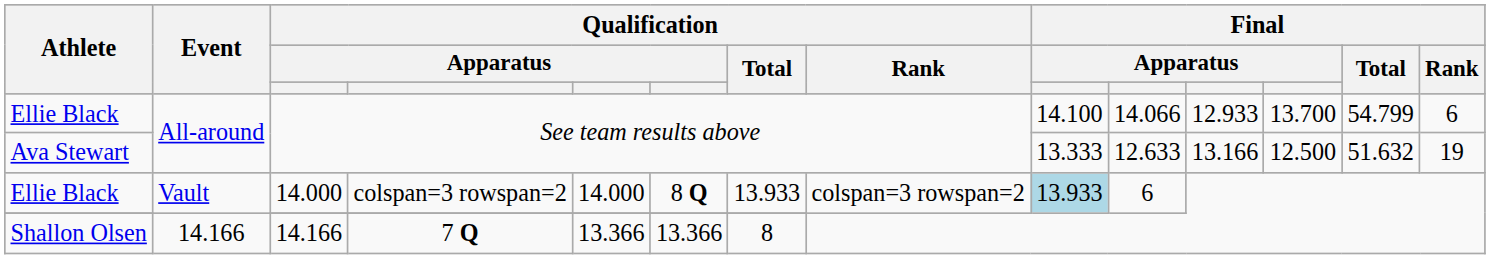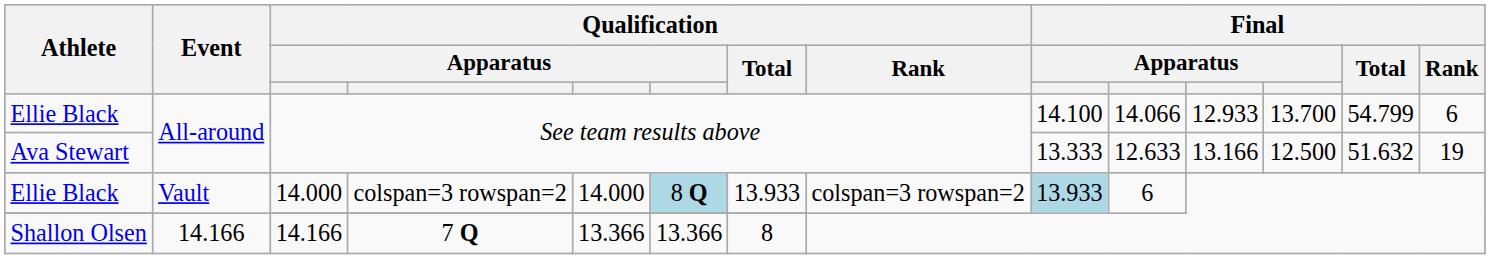 <table class=wikitable style="font-size:90%">
 <tr>
 <th rowspan=3>Athlete</th>
 <th rowspan=3>Event</th>
 <th colspan=6>Qualification</th>
 <th colspan=6>Final</th>
 </tr>
 <tr style="font-size:95%">
 <th colspan=4>Apparatus</th>
 <th rowspan=2>Total</th>
 <th rowspan=2>Rank</th>
 <th colspan=4>Apparatus</th>
 <th rowspan=2>Total</th>
 <th rowspan=2>Rank</th>
 </tr>
 <tr style="font-size:95%">
 <th></th>
 <th></th>
 <th></th>
 <th></th>
 <th></th>
 <th></th>
 <th></th>
 <th></th>
 </tr>
 <tr align=center>
 <td align=left><a href='#'>Ellie Black</a></td>
 <td align=left rowspan=2><a href='#'>All-around</a></td>
 <td rowspan=2 colspan=6><em>See team results above</em></td>
 <td>14.100</td>
 <td>14.066</td>
 <td>12.933</td>
 <td>13.700</td>
 <td>54.799</td>
 <td>6</td>
 </tr>
 <tr align=center>
 <td align=left><a href='#'>Ava Stewart</a></td>
 <td>13.333</td>
 <td>12.633</td>
 <td>13.166</td>
 <td>12.500</td>
 <td>51.632</td>
 <td>19</td>
 </tr>
 <tr align=center>
 <td align=left><a href='#'>Ellie Black</a></td>
 <td align=left rowspan=2><a href='#'>Vault</a></td>
 <td>14.000</td>
 <td>colspan=3 rowspan=2 </td>
 <td>14.000</td>
-<td>8 <strong>Q</strong></td>
+<td style="background: lightblue;">8 <strong>Q</strong></td>
 <td>13.933</td>
 <td>colspan=3 rowspan=2 </td>
 <td style="background: lightblue;">13.933</td>
 <td>6</td>
 </tr>
 <tr>
 </tr>
 <tr align=center>
 <td align=left><a href='#'>Shallon Olsen</a></td>
 <td>14.166</td>
 <td>14.166</td>
 <td>7 <strong>Q</strong></td>
 <td>13.366</td>
 <td>13.366</td>
 <td>8</td>
 </tr>
 </table>
